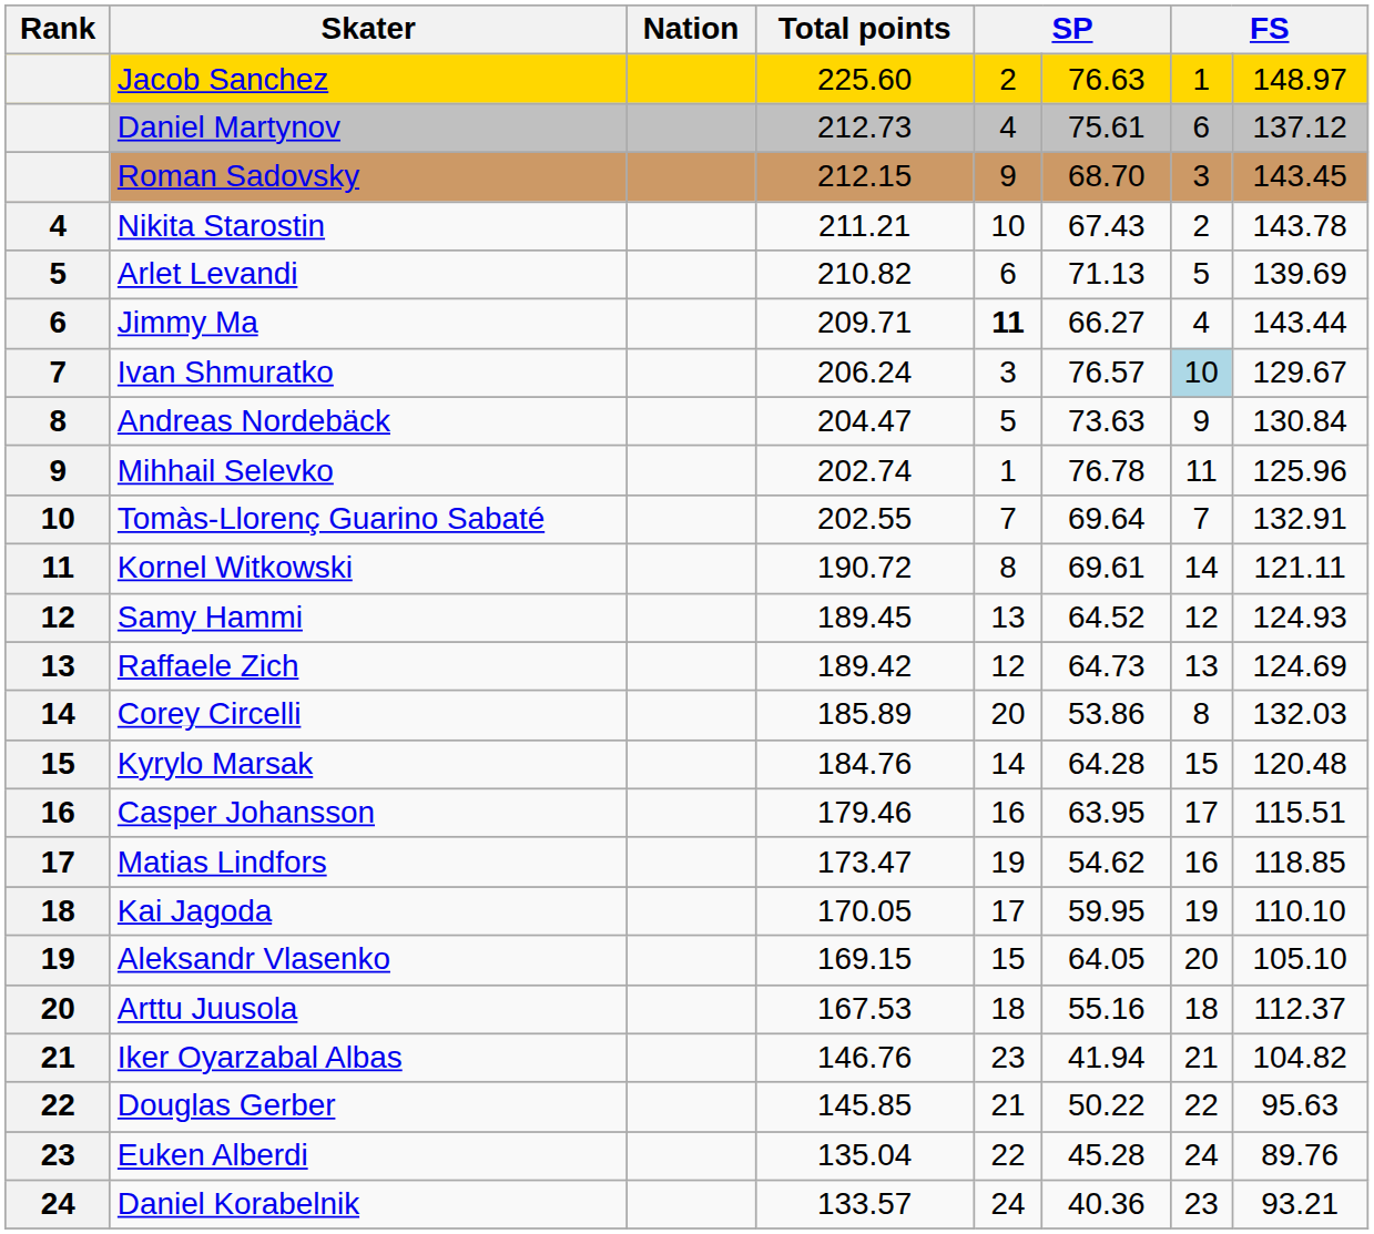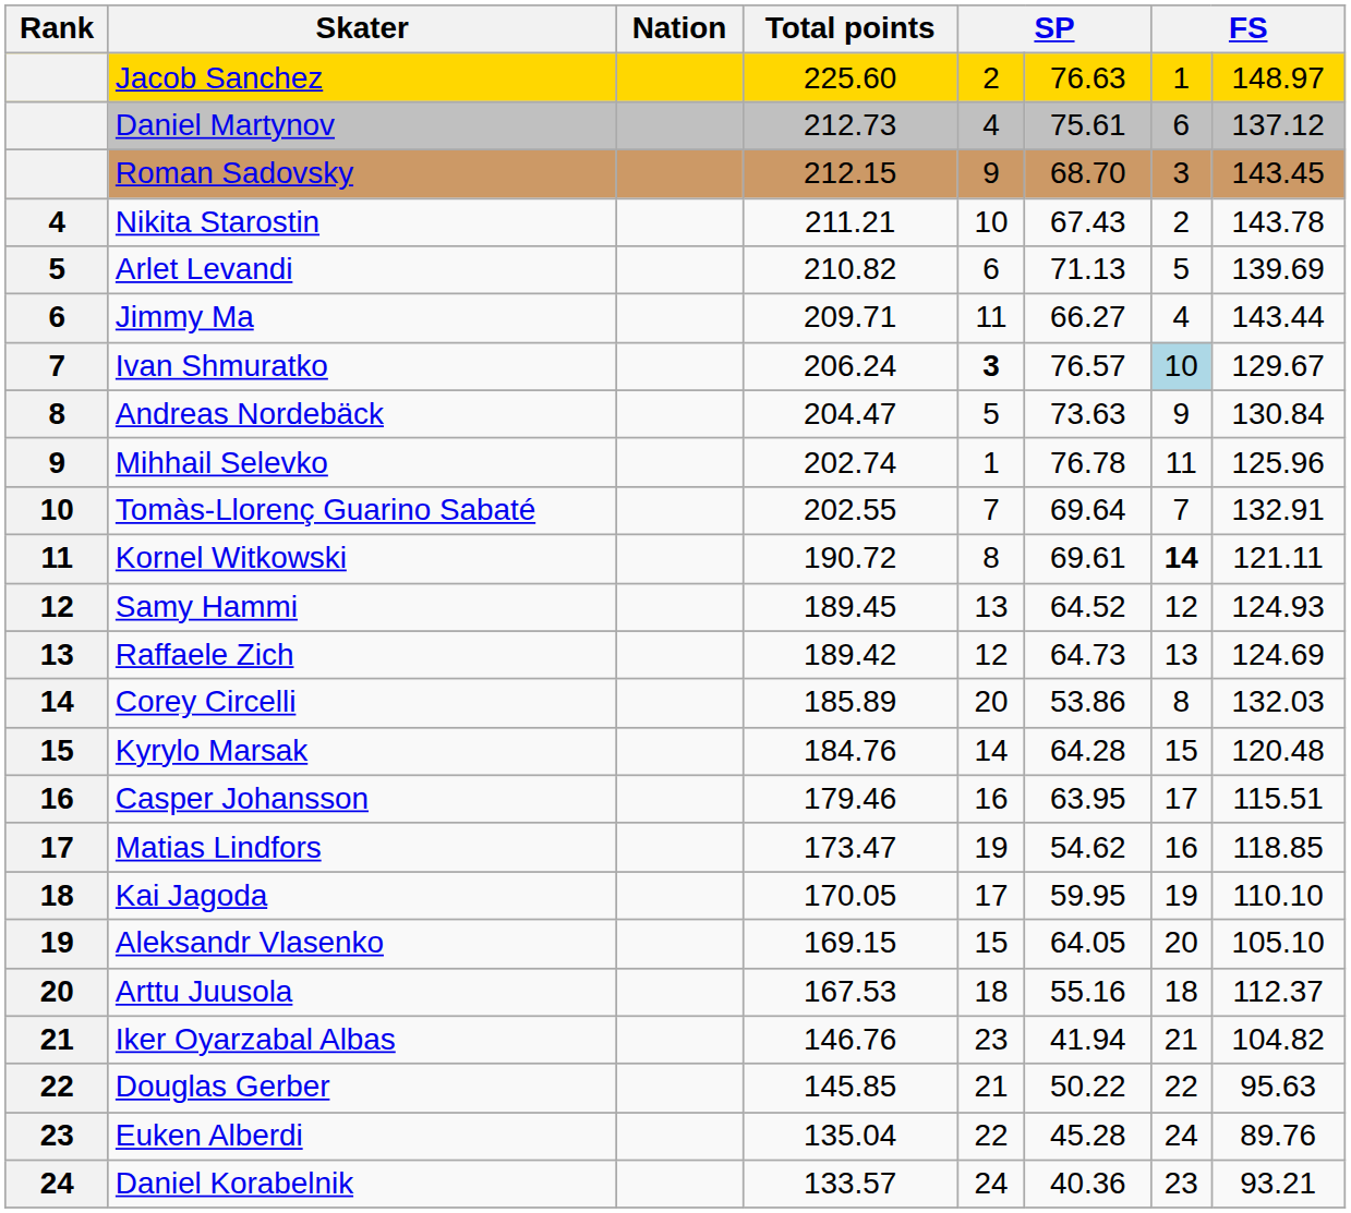 <table class="wikitable sortable" style="text-align:center;" width="80%">
 <tr>
 <th scope="col">Rank</th>
 <th scope="col">Skater</th>
 <th scope="col">Nation</th>
 <th scope="col">Total points</th>
 <th scope="col" colspan="2" width="80px"><a href='#'>SP</a></th>
 <th scope="col" colspan="2" width="80px"><a href='#'>FS</a></th>
 </tr>
 <tr bgcolor="gold">
 <th scope="row"></th>
 <td align="left"><a href='#'>Jacob Sanchez</a></td>
 <td align="left"></td>
 <td>225.60</td>
 <td>2</td>
 <td>76.63</td>
 <td>1</td>
 <td>148.97</td>
 </tr>
 <tr bgcolor="silver">
 <th scope="row"></th>
 <td align="left"><a href='#'>Daniel Martynov</a></td>
 <td align="left"></td>
 <td>212.73</td>
 <td>4</td>
 <td>75.61</td>
 <td>6</td>
 <td>137.12</td>
 </tr>
 <tr bgcolor="cc9966">
 <th scope="row"></th>
 <td align="left"><a href='#'>Roman Sadovsky</a></td>
 <td align="left"></td>
 <td>212.15</td>
 <td>9</td>
 <td>68.70</td>
 <td>3</td>
 <td>143.45</td>
 </tr>
 <tr>
 <th scope="row">4</th>
 <td align="left"><a href='#'>Nikita Starostin</a></td>
 <td align="left"></td>
 <td>211.21</td>
 <td>10</td>
 <td>67.43</td>
 <td>2</td>
 <td>143.78</td>
 </tr>
 <tr>
 <th scope="row">5</th>
 <td align="left"><a href='#'>Arlet Levandi</a></td>
 <td align="left"></td>
 <td>210.82</td>
 <td>6</td>
 <td>71.13</td>
 <td>5</td>
 <td>139.69</td>
 </tr>
 <tr>
 <th scope="row">6</th>
 <td align="left"><a href='#'>Jimmy Ma</a></td>
 <td align="left"></td>
 <td>209.71</td>
-<td><strong>11</strong></td>
+<td>11</td>
 <td>66.27</td>
 <td>4</td>
 <td>143.44</td>
 </tr>
 <tr>
 <th scope="row">7</th>
 <td align="left"><a href='#'>Ivan Shmuratko</a></td>
 <td align="left"></td>
 <td>206.24</td>
-<td>3</td>
+<td><strong>3</strong></td>
 <td>76.57</td>
 <td style="background: lightblue;">10</td>
 <td>129.67</td>
 </tr>
 <tr>
 <th scope="row">8</th>
 <td align="left"><a href='#'>Andreas Nordebäck</a></td>
 <td align="left"></td>
 <td>204.47</td>
 <td>5</td>
 <td>73.63</td>
 <td>9</td>
 <td>130.84</td>
 </tr>
 <tr>
 <th scope="row">9</th>
 <td align="left"><a href='#'>Mihhail Selevko</a></td>
 <td align="left"></td>
 <td>202.74</td>
 <td>1</td>
 <td>76.78</td>
 <td>11</td>
 <td>125.96</td>
 </tr>
 <tr>
 <th scope="row">10</th>
 <td align="left"><a href='#'>Tomàs-Llorenç Guarino Sabaté</a></td>
 <td align="left"></td>
 <td>202.55</td>
 <td>7</td>
 <td>69.64</td>
 <td>7</td>
 <td>132.91</td>
 </tr>
 <tr>
 <th scope="row">11</th>
 <td align="left"><a href='#'>Kornel Witkowski</a></td>
 <td align="left"></td>
 <td>190.72</td>
 <td>8</td>
 <td>69.61</td>
-<td>14</td>
+<td><strong>14</strong></td>
 <td>121.11</td>
 </tr>
 <tr>
 <th scope="row">12</th>
 <td align="left"><a href='#'>Samy Hammi</a></td>
 <td align="left"></td>
 <td>189.45</td>
 <td>13</td>
 <td>64.52</td>
 <td>12</td>
 <td>124.93</td>
 </tr>
 <tr>
 <th scope="row">13</th>
 <td align="left"><a href='#'>Raffaele Zich</a></td>
 <td align="left"></td>
 <td>189.42</td>
 <td>12</td>
 <td>64.73</td>
 <td>13</td>
 <td>124.69</td>
 </tr>
 <tr>
 <th scope="row">14</th>
 <td align="left"><a href='#'>Corey Circelli</a></td>
 <td align="left"></td>
 <td>185.89</td>
 <td>20</td>
 <td>53.86</td>
 <td>8</td>
 <td>132.03</td>
 </tr>
 <tr>
 <th scope="row">15</th>
 <td align="left"><a href='#'>Kyrylo Marsak</a></td>
 <td align="left"></td>
 <td>184.76</td>
 <td>14</td>
 <td>64.28</td>
 <td>15</td>
 <td>120.48</td>
 </tr>
 <tr>
 <th scope="row">16</th>
 <td align="left"><a href='#'>Casper Johansson</a></td>
 <td align="left"></td>
 <td>179.46</td>
 <td>16</td>
 <td>63.95</td>
 <td>17</td>
 <td>115.51</td>
 </tr>
 <tr>
 <th scope="row">17</th>
 <td align="left"><a href='#'>Matias Lindfors</a></td>
 <td align="left"></td>
 <td>173.47</td>
 <td>19</td>
 <td>54.62</td>
 <td>16</td>
 <td>118.85</td>
 </tr>
 <tr>
 <th scope="row">18</th>
 <td align="left"><a href='#'>Kai Jagoda</a></td>
 <td align="left"></td>
 <td>170.05</td>
 <td>17</td>
 <td>59.95</td>
 <td>19</td>
 <td>110.10</td>
 </tr>
 <tr>
 <th scope="row">19</th>
 <td align="left"><a href='#'>Aleksandr Vlasenko</a></td>
 <td align="left"></td>
 <td>169.15</td>
 <td>15</td>
 <td>64.05</td>
 <td>20</td>
 <td>105.10</td>
 </tr>
 <tr>
 <th scope="row">20</th>
 <td align="left"><a href='#'>Arttu Juusola</a></td>
 <td align="left"></td>
 <td>167.53</td>
 <td>18</td>
 <td>55.16</td>
 <td>18</td>
 <td>112.37</td>
 </tr>
 <tr>
 <th scope="row">21</th>
 <td align="left"><a href='#'>Iker Oyarzabal Albas</a></td>
 <td align="left"></td>
 <td>146.76</td>
 <td>23</td>
 <td>41.94</td>
 <td>21</td>
 <td>104.82</td>
 </tr>
 <tr>
 <th scope="row">22</th>
 <td align="left"><a href='#'>Douglas Gerber</a></td>
 <td align="left"></td>
 <td>145.85</td>
 <td>21</td>
 <td>50.22</td>
 <td>22</td>
 <td>95.63</td>
 </tr>
 <tr>
 <th scope="row">23</th>
 <td align="left"><a href='#'>Euken Alberdi</a></td>
 <td align="left"></td>
 <td>135.04</td>
 <td>22</td>
 <td>45.28</td>
 <td>24</td>
 <td>89.76</td>
 </tr>
 <tr>
 <th scope="row">24</th>
 <td align="left"><a href='#'>Daniel Korabelnik</a></td>
 <td align="left"></td>
 <td>133.57</td>
 <td>24</td>
 <td>40.36</td>
 <td>23</td>
 <td>93.21</td>
 </tr>
 </table>
